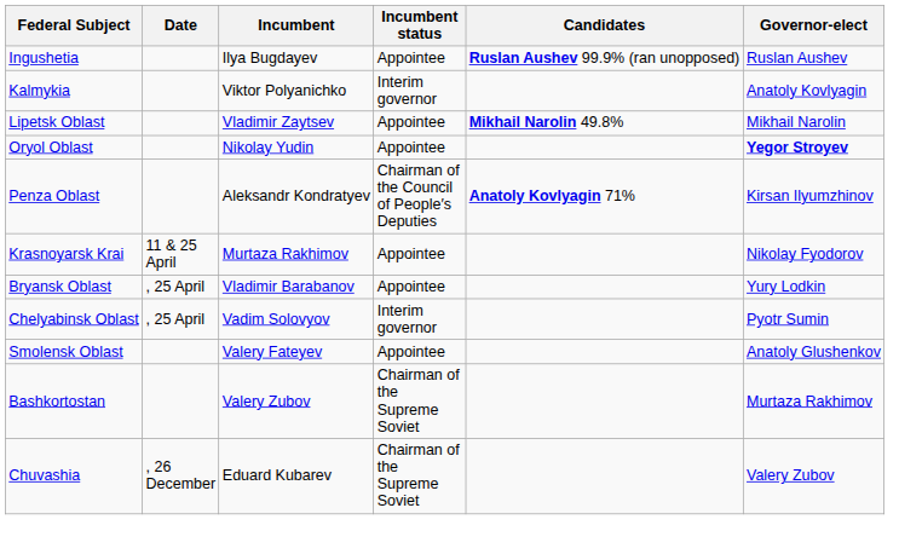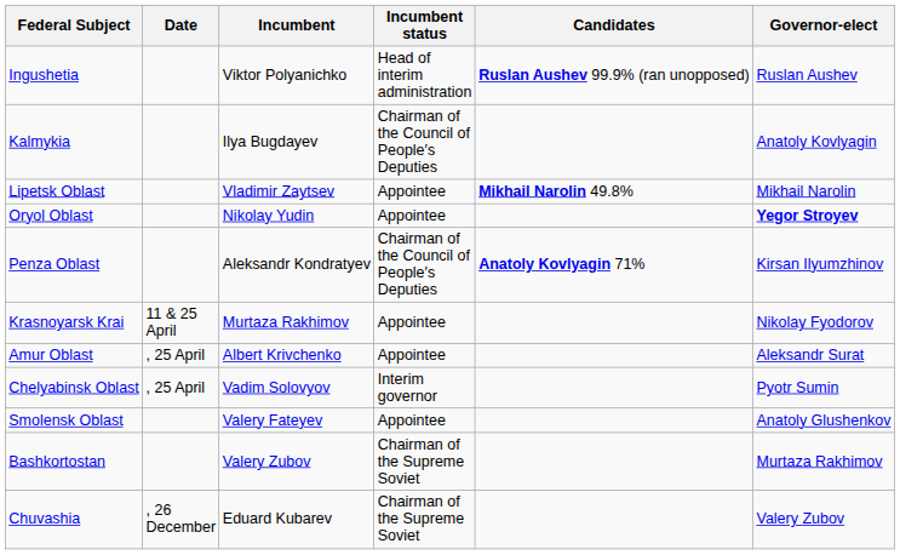 <table class="wikitable sortable">
 <tr>
 <th>Federal Subject</th>
 <th style="width: 70px">Date</th>
 <th>Incumbent</th>
 <th style="width: 90px">Incumbent status</th>
 <th>Candidates</th>
 <th>Governor-elect</th>
 </tr>
 <tr>
 <td><a href='#'>Ingushetia</a></td>
 <td></td>
-<td>Ilya Bugdayev</td>
-<td>Appointee</td>
+<td>Viktor Polyanichko</td>
+<td>Head of interim administration</td>
 <td> <strong><a href='#'>Ruslan Aushev</a></strong> 99.9% (ran unopposed)</td>
 <td><a href='#'>Ruslan Aushev</a></td>
 </tr>
 <tr>
 <td><a href='#'>Kalmykia</a></td>
 <td></td>
-<td>Viktor Polyanichko</td>
-<td>Interim governor</td>
+<td>Ilya Bugdayev</td>
+<td>Chairman of the Council of People′s Deputies</td>
 <td></td>
 <td><a href='#'>Anatoly Kovlyagin</a></td>
 </tr>
 <tr>
 <td><a href='#'>Lipetsk Oblast</a></td>
 <td></td>
 <td><a href='#'>Vladimir Zaytsev</a></td>
 <td>Appointee</td>
 <td> <strong><a href='#'>Mikhail Narolin</a></strong> 49.8%</td>
 <td><a href='#'>Mikhail Narolin</a></td>
 </tr>
 <tr>
 <td><a href='#'>Oryol Oblast</a></td>
 <td></td>
 <td><a href='#'>Nikolay Yudin</a></td>
 <td>Appointee</td>
 <td></td>
 <td><strong><a href='#'>Yegor Stroyev</a></strong></td>
 </tr>
 <tr>
 <td><a href='#'>Penza Oblast</a></td>
 <td></td>
 <td>Aleksandr Kondratyev</td>
 <td>Chairman of the Council of People′s Deputies</td>
 <td> <strong><a href='#'>Anatoly Kovlyagin</a></strong> 71%</td>
 <td><a href='#'>Kirsan Ilyumzhinov</a></td>
 </tr>
 <tr>
 <td><a href='#'>Krasnoyarsk Krai</a></td>
 <td>11 & 25 April</td>
 <td><a href='#'>Murtaza Rakhimov</a></td>
 <td>Appointee</td>
 <td></td>
 <td><a href='#'>Nikolay Fyodorov</a></td>
 </tr>
 <tr>
-<td><a href='#'>Bryansk Oblast</a></td>
+<td><a href='#'>Amur Oblast</a></td>
 <td>, 25 April</td>
-<td><a href='#'>Vladimir Barabanov</a></td>
+<td><a href='#'>Albert Krivchenko</a></td>
 <td>Appointee</td>
 <td></td>
-<td><a href='#'>Yury Lodkin</a></td>
+<td><a href='#'>Aleksandr Surat</a></td>
 </tr>
 <tr>
 <td><a href='#'>Chelyabinsk Oblast</a></td>
 <td>, 25 April</td>
 <td><a href='#'>Vadim Solovyov</a></td>
 <td>Interim governor</td>
 <td></td>
 <td><a href='#'>Pyotr Sumin</a></td>
 </tr>
 <tr>
 <td><a href='#'>Smolensk Oblast</a></td>
 <td></td>
 <td><a href='#'>Valery Fateyev</a></td>
 <td>Appointee</td>
 <td></td>
 <td><a href='#'>Anatoly Glushenkov</a></td>
 </tr>
 <tr>
 <td><a href='#'>Bashkortostan</a></td>
 <td></td>
 <td><a href='#'>Valery Zubov</a></td>
 <td>Chairman of the Supreme Soviet</td>
 <td></td>
 <td><a href='#'>Murtaza Rakhimov</a></td>
 </tr>
 <tr>
 <td><a href='#'>Chuvashia</a></td>
 <td>, 26 December</td>
 <td>Eduard Kubarev</td>
 <td>Chairman of the Supreme Soviet</td>
 <td></td>
 <td><a href='#'>Valery Zubov</a></td>
 </tr>
 </table>
